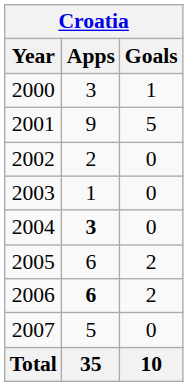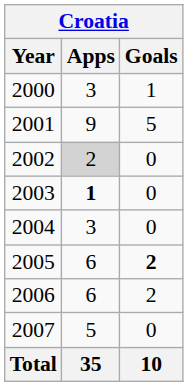 <table class="wikitable" style="text-align:center">
 <tr>
 <th colspan="3"><a href='#'>Croatia</a></th>
 </tr>
 <tr>
 <th>Year</th>
 <th>Apps</th>
 <th>Goals</th>
 </tr>
 <tr>
 <td>2000</td>
 <td>3</td>
 <td>1</td>
 </tr>
 <tr>
 <td>2001</td>
 <td>9</td>
 <td>5</td>
 </tr>
 <tr>
 <td>2002</td>
-<td>2</td>
+<td style="background: lightgrey;">2</td>
 <td>0</td>
 </tr>
 <tr>
 <td>2003</td>
-<td>1</td>
+<td><strong>1</strong></td>
 <td>0</td>
 </tr>
 <tr>
 <td>2004</td>
-<td><strong>3</strong></td>
+<td>3</td>
 <td>0</td>
 </tr>
 <tr>
 <td>2005</td>
 <td>6</td>
-<td>2</td>
+<td><strong>2</strong></td>
 </tr>
 <tr>
 <td>2006</td>
-<td><strong>6</strong></td>
+<td>6</td>
 <td>2</td>
 </tr>
 <tr>
 <td>2007</td>
 <td>5</td>
 <td>0</td>
 </tr>
 <tr>
 <th>Total</th>
 <th>35</th>
 <th>10</th>
 </tr>
 </table>
